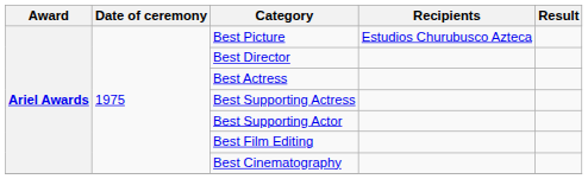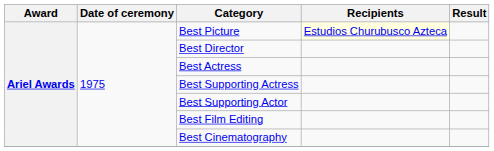 <table class="wikitable plainrowheaders sortable">
 <tr style="background:#ccc; text-align:center;">
 <th scope="col">Award</th>
 <th scope="col">Date of ceremony</th>
 <th scope="col">Category</th>
 <th scope="col">Recipients</th>
 <th scope="col">Result</th>
 </tr>
 <tr>
 <th scope="row" rowspan="7"><a href='#'>Ariel Awards</a></th>
 <td rowspan="7"><a href='#'>1975</a></td>
 <td><a href='#'>Best Picture</a></td>
-<td><a href='#'>Estudios Churubusco Azteca</a></td>
+<td style="background: lightyellow;"><a href='#'>Estudios Churubusco Azteca</a></td>
 <td></td>
 </tr>
 <tr>
 <td><a href='#'>Best Director</a></td>
 <td></td>
 <td></td>
 </tr>
 <tr>
 <td><a href='#'>Best Actress</a></td>
 <td></td>
 <td></td>
 </tr>
 <tr>
 <td><a href='#'>Best Supporting Actress</a></td>
 <td></td>
 <td></td>
 </tr>
 <tr>
 <td><a href='#'>Best Supporting Actor</a></td>
 <td></td>
 <td></td>
 </tr>
 <tr>
 <td><a href='#'>Best Film Editing</a></td>
 <td></td>
 <td></td>
 </tr>
 <tr>
 <td><a href='#'>Best Cinematography</a></td>
 <td></td>
 <td></td>
 </tr>
 <tr>
 </tr>
 </table>
